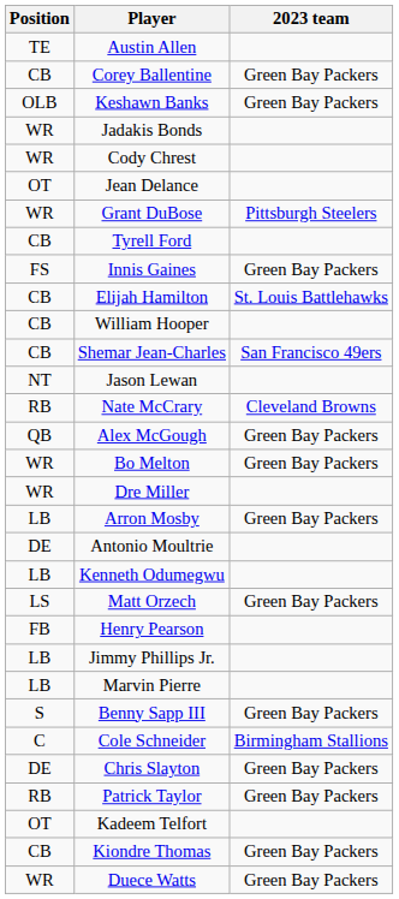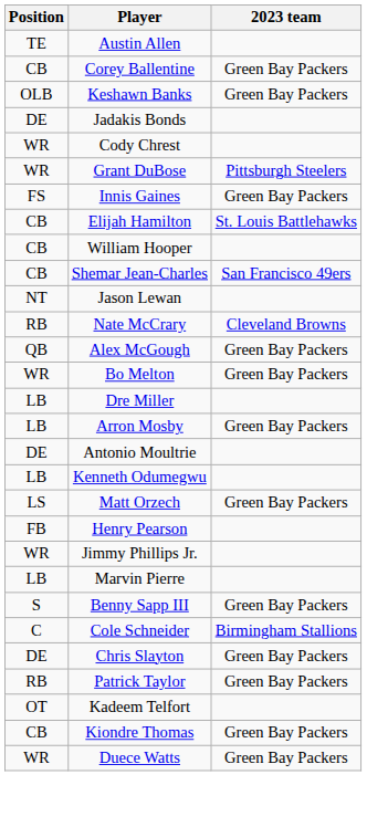 <table class="wikitable" style="text-align:center">
 <tr>
 <th>Position</th>
 <th>Player</th>
 <th>2023 team</th>
 </tr>
 <tr>
 <td>TE</td>
 <td><a href='#'>Austin Allen</a></td>
 <td></td>
 </tr>
 <tr>
 <td>CB</td>
 <td><a href='#'>Corey Ballentine</a></td>
 <td>Green Bay Packers</td>
 </tr>
 <tr>
 <td>OLB</td>
 <td><a href='#'>Keshawn Banks</a></td>
 <td>Green Bay Packers</td>
 </tr>
 <tr>
-<td>WR</td>
+<td>DE</td>
 <td>Jadakis Bonds</td>
 <td></td>
 </tr>
 <tr>
 <td>WR</td>
 <td>Cody Chrest</td>
 <td></td>
 </tr>
 <tr>
-<td>OT</td>
-<td>Jean Delance</td>
-<td></td>
-</tr>
-<tr>
 <td>WR</td>
 <td><a href='#'>Grant DuBose</a></td>
 <td><a href='#'>Pittsburgh Steelers</a></td>
-</tr>
-<tr>
-<td>CB</td>
-<td><a href='#'>Tyrell Ford</a></td>
-<td></td>
 </tr>
 <tr>
 <td>FS</td>
 <td><a href='#'>Innis Gaines</a></td>
 <td>Green Bay Packers</td>
 </tr>
 <tr>
 <td>CB</td>
 <td><a href='#'>Elijah Hamilton</a></td>
 <td><a href='#'>St. Louis Battlehawks</a></td>
 </tr>
 <tr>
 <td>CB</td>
 <td>William Hooper</td>
 <td></td>
 </tr>
 <tr>
 <td>CB</td>
 <td><a href='#'>Shemar Jean-Charles</a></td>
 <td><a href='#'>San Francisco 49ers</a></td>
 </tr>
 <tr>
 <td>NT</td>
 <td>Jason Lewan</td>
 <td></td>
 </tr>
 <tr>
 <td>RB</td>
 <td><a href='#'>Nate McCrary</a></td>
 <td><a href='#'>Cleveland Browns</a></td>
 </tr>
 <tr>
 <td>QB</td>
 <td><a href='#'>Alex McGough</a></td>
 <td>Green Bay Packers</td>
 </tr>
 <tr>
 <td>WR</td>
 <td><a href='#'>Bo Melton</a></td>
 <td>Green Bay Packers</td>
 </tr>
 <tr>
-<td>WR</td>
+<td>LB</td>
 <td><a href='#'>Dre Miller</a></td>
 <td></td>
 </tr>
 <tr>
 <td>LB</td>
 <td><a href='#'>Arron Mosby</a></td>
 <td>Green Bay Packers</td>
 </tr>
 <tr>
 <td>DE</td>
 <td>Antonio Moultrie</td>
 <td></td>
 </tr>
 <tr>
 <td>LB</td>
 <td><a href='#'>Kenneth Odumegwu</a></td>
 <td></td>
 </tr>
 <tr>
 <td>LS</td>
 <td><a href='#'>Matt Orzech</a></td>
 <td>Green Bay Packers</td>
 </tr>
 <tr>
 <td>FB</td>
 <td><a href='#'>Henry Pearson</a></td>
 <td></td>
 </tr>
 <tr>
-<td>LB</td>
+<td>WR</td>
 <td>Jimmy Phillips Jr.</td>
 <td></td>
 </tr>
 <tr>
 <td>LB</td>
 <td>Marvin Pierre</td>
 <td></td>
 </tr>
 <tr>
 <td>S</td>
 <td><a href='#'>Benny Sapp III</a></td>
 <td>Green Bay Packers</td>
 </tr>
 <tr>
 <td>C</td>
 <td><a href='#'>Cole Schneider</a></td>
 <td><a href='#'>Birmingham Stallions</a></td>
 </tr>
 <tr>
 <td>DE</td>
 <td><a href='#'>Chris Slayton</a></td>
 <td>Green Bay Packers</td>
 </tr>
 <tr>
 <td>RB</td>
 <td><a href='#'>Patrick Taylor</a></td>
 <td>Green Bay Packers</td>
 </tr>
 <tr>
 <td>OT</td>
 <td>Kadeem Telfort</td>
 <td></td>
 </tr>
 <tr>
 <td>CB</td>
 <td><a href='#'>Kiondre Thomas</a></td>
 <td>Green Bay Packers</td>
 </tr>
 <tr>
 <td>WR</td>
 <td><a href='#'>Duece Watts</a></td>
 <td>Green Bay Packers</td>
 </tr>
 </table>
